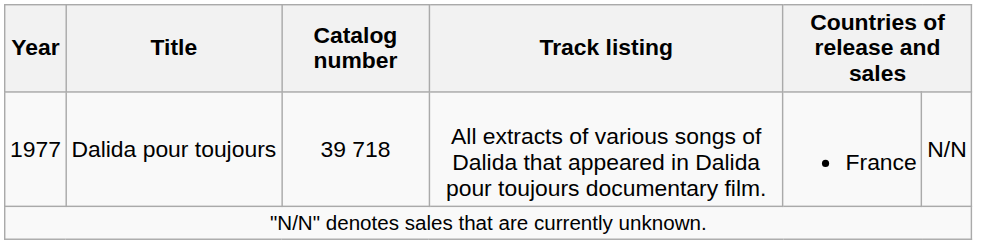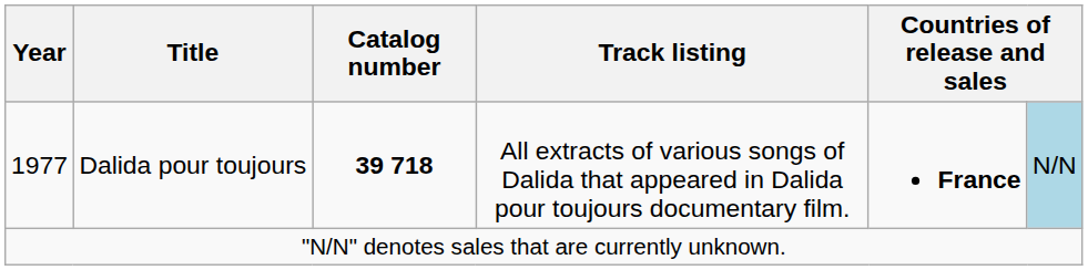 <table class="wikitable collapsible" style="text-align:center;" border="1">
 <tr>
 <th scope="col" style="width:1em;">Year</th>
 <th>Title</th>
 <th scope="col" style="width:6em;">Catalog number</th>
 <th scope="col" style="width:15em;">Track listing</th>
 <th scope="col" colspan="2" style="width:6em;">Countries of release and sales</th>
 </tr>
 <tr>
 <td>1977</td>
 <td>Dalida pour toujours</td>
-<td>39 718</td>
+<td><strong>39 718</strong></td>
 <td><br>All extracts of various songs of Dalida that appeared in Dalida pour toujours documentary film.</td>
-<td><br><ul><li>France</li></ul></td>
-<td>N/N</td>
+<td><strong><br><ul><li>France</li></ul></strong></td>
+<td style="background: lightblue;">N/N</td>
 </tr>
 <tr>
 <td colspan="6" align="center" style="font-size:90%;">"N/N" denotes sales that are currently unknown.</td>
 </tr>
 </table>
